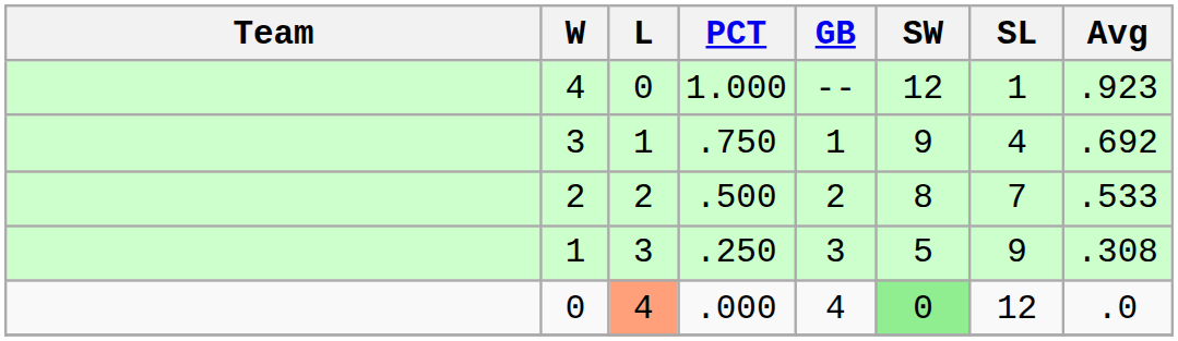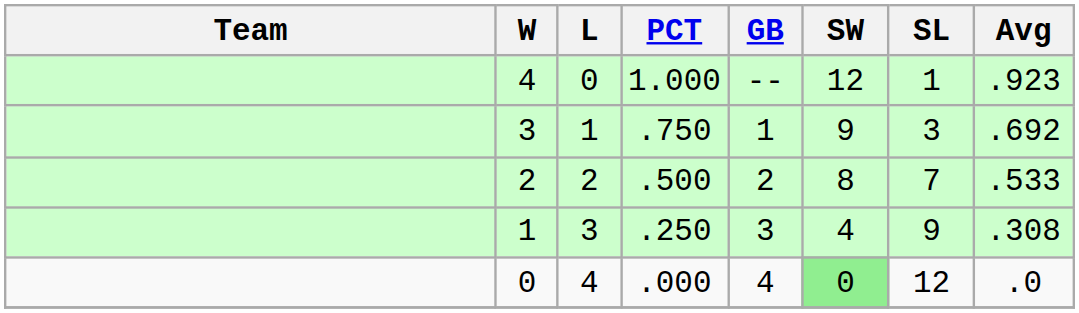 <table class=wikitable style="text-align:center;">
 <tr>
 <th width=200px>Team</th>
 <th width=20px>W</th>
 <th width=20px>L</th>
 <th width=35px><a href='#'>PCT</a></th>
 <th width=25px><a href='#'>GB</a></th>
 <th width=30px>SW</th>
 <th width=30px>SL</th>
 <th width=35px>Avg</th>
 </tr>
 <tr bgcolor="#CCFFCC">
 <td align=left></td>
 <td>4</td>
 <td>0</td>
 <td>1.000</td>
 <td>--</td>
 <td>12</td>
 <td>1</td>
 <td>.923</td>
 </tr>
 <tr bgcolor="#CCFFCC">
 <td align=left></td>
 <td>3</td>
 <td>1</td>
 <td>.750</td>
 <td>1</td>
 <td>9</td>
-<td>4</td>
+<td>3</td>
 <td>.692</td>
 </tr>
 <tr bgcolor="#CCFFCC">
 <td align=left></td>
 <td>2</td>
 <td>2</td>
 <td>.500</td>
 <td>2</td>
 <td>8</td>
 <td>7</td>
 <td>.533</td>
 </tr>
 <tr bgcolor="#CCFFCC">
 <td align=left> </td>
 <td>1</td>
 <td>3</td>
 <td>.250</td>
 <td>3</td>
-<td>5</td>
+<td>4</td>
 <td>9</td>
 <td>.308</td>
 </tr>
 <tr>
 <td align=left></td>
 <td>0</td>
-<td style="background: lightsalmon;">4</td>
+<td>4</td>
 <td>.000</td>
 <td>4</td>
 <td style="background: lightgreen;">0</td>
 <td>12</td>
 <td>.0</td>
 </tr>
 <tr>
 </tr>
 </table>
